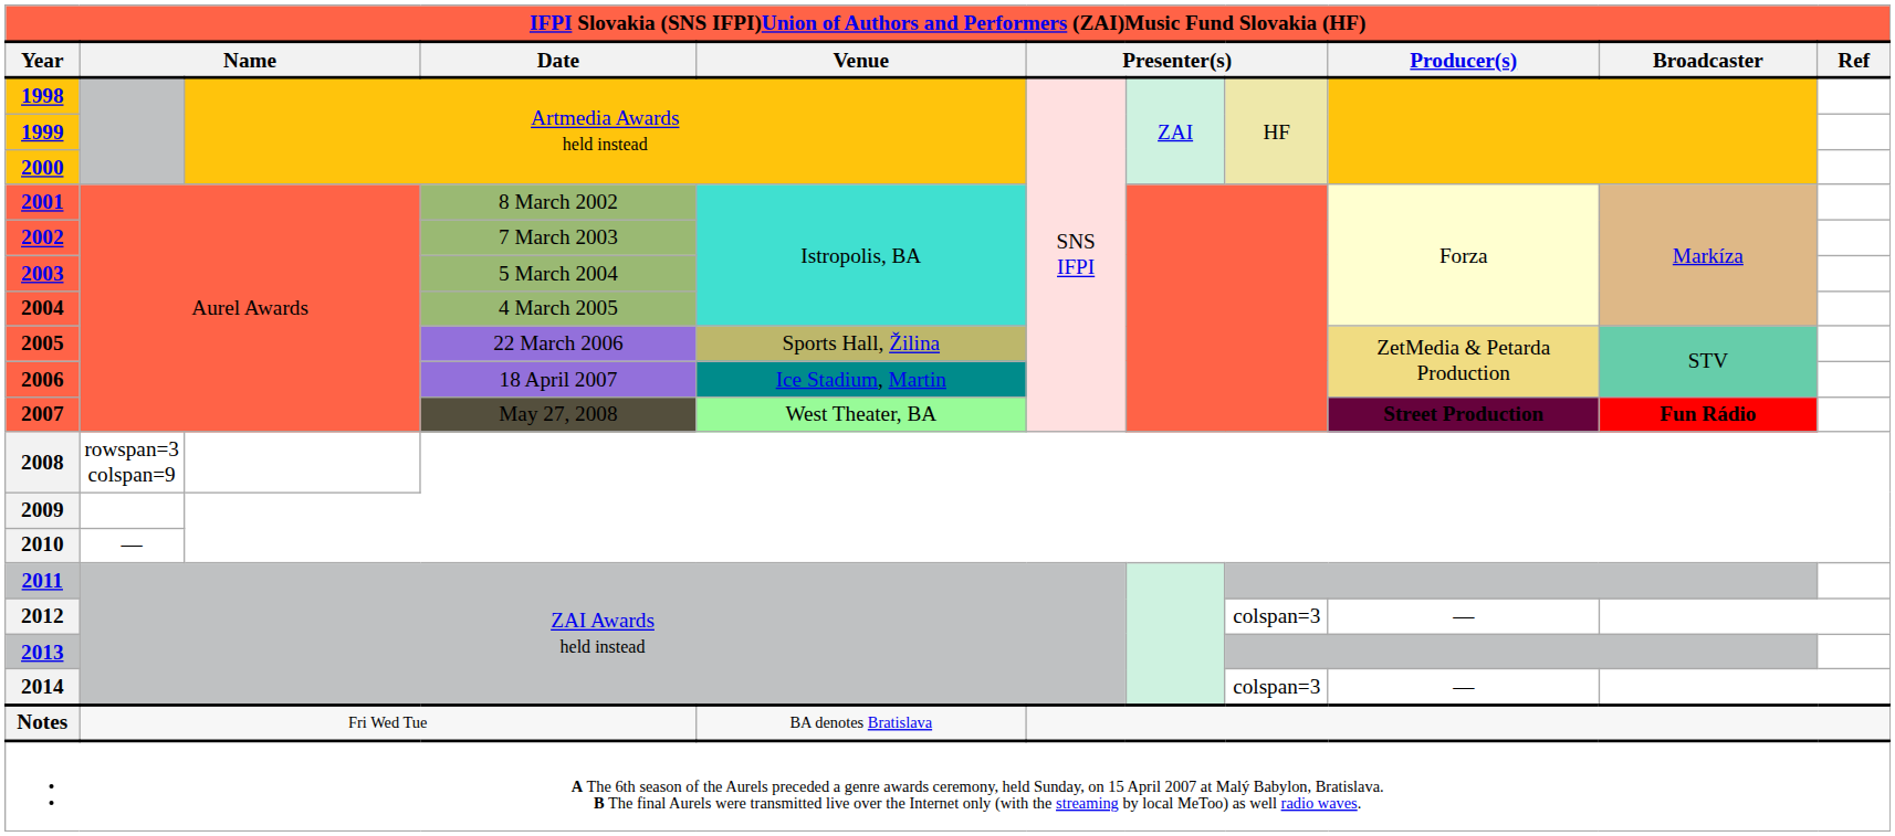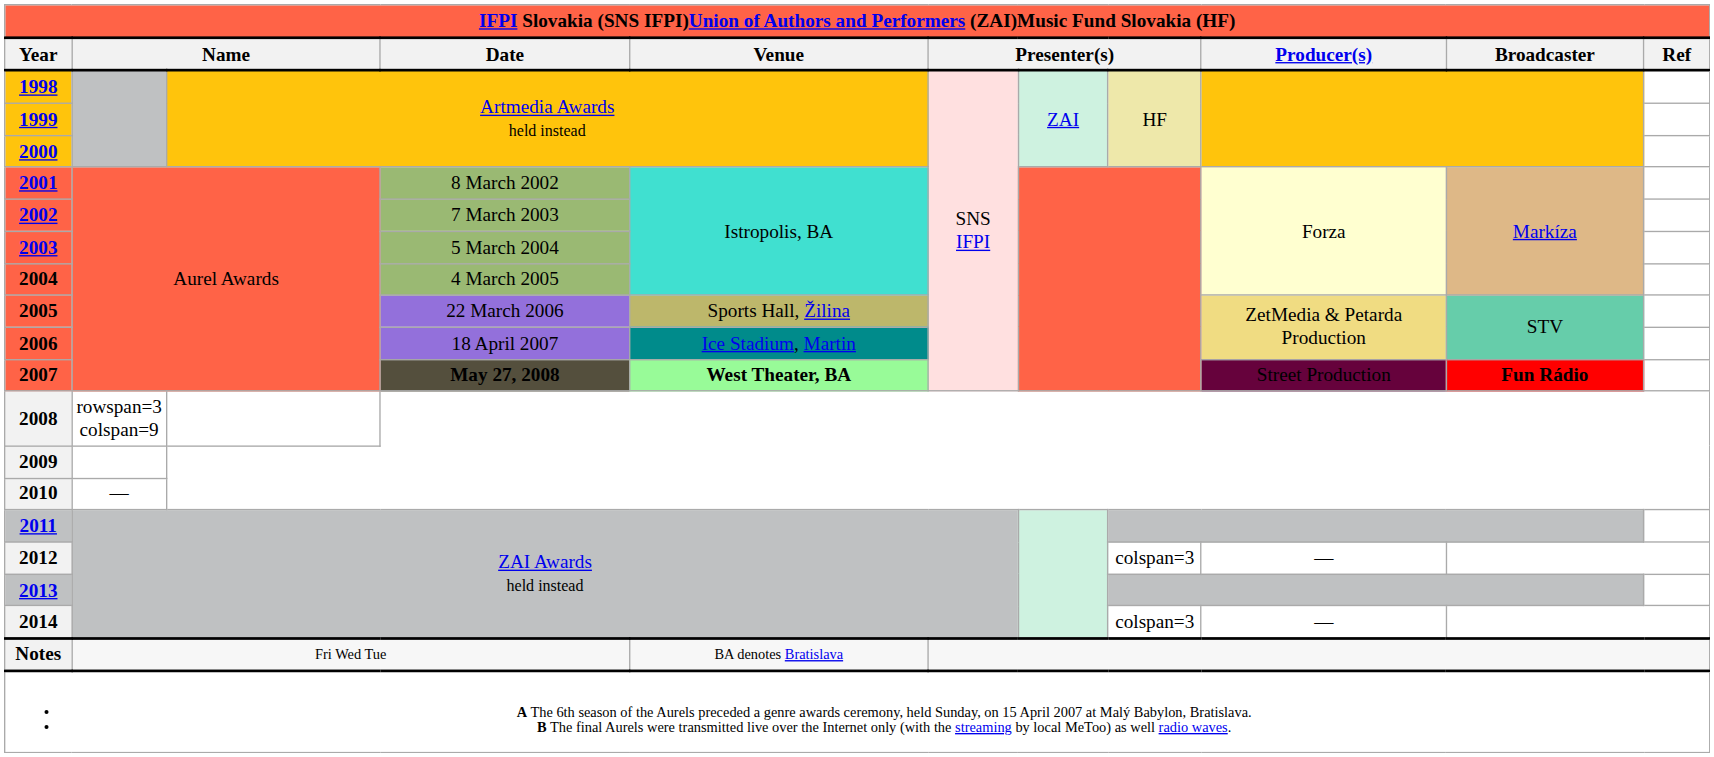 <table class="wikitable" style="background:white; text-align:center; width:100%; font-size:89%">
 <tr>
 <th colspan=11 width=100% style=background:TOMATO><a href='#'>IFPI</a> Slovakia (SNS IFPI)<a href='#'>Union of Authors and Performers</a> (ZAI)Music Fund Slovakia (HF)</th>
 </tr>
 <tr style="border-top:solid 2px; background:#FFF">
 <th width=4%>Year</th>
 <th colspan=2 width=14.5%>Name</th>
 <th width=15.5%>Date</th>
 <th width=18.5%>Venue</th>
 <th width=16.5% colspan=3>Presenter(s)</th>
 <th width=15%><a href='#'>Producer(s)</a></th>
 <th width=12%>Broadcaster</th>
 <th width=4%>Ref</th>
 </tr>
 <tr style="border-top:solid 2px; background:#FFFFFF">
 <th style=background:#FFC40C><a href='#'>1998</a></th>
 <td width=1%  bgcolor=BFC1C2 rowspan=3></td>
 <td colspan=3 rowspan=3 bgcolor=FFC40C><a href='#'>Artmedia Awards</a> <br><small>held instead</small></td>
 <td width=5.5% rowspan=10 bgcolor=FFE0E0>SNS <br><a href='#'>IFPI</a></td>
 <td width=5.5% rowspan=3 bgcolor=CEF2E0><a href='#'>ZAI</a></td>
 <td width=5.5% rowspan=3 bgcolor=EEE8AA>HF</td>
 <td colspan=2 rowspan=3 bgcolor=FFC40C></td>
 <td></td>
 </tr>
 <tr>
 <th style=background:#FFC40C><a href='#'>1999</a></th>
 <td></td>
 </tr>
 <tr>
 <th style=background:#FFC40C><a href='#'>2000</a></th>
 <td></td>
 </tr>
 <tr>
 <th style=background:TOMATO><a href='#'>2001</a></th>
 <td colspan=2 rowspan=7 bgcolor=TOMATO>Aurel Awards</td>
 <td bgcolor=9AB973>8 March 2002</td>
 <td rowspan=4 bgcolor=40E0D0>Istropolis, BA</td>
 <td rowspan=7 colspan=2 bgcolor=TOMATO></td>
 <td rowspan=4 bgcolor=FFFFD0>Forza</td>
 <td rowspan=4 bgcolor=DEB887><a href='#'>Markíza</a></td>
 <td></td>
 </tr>
 <tr>
 <th style=background:TOMATO><a href='#'>2002</a></th>
 <td bgcolor=9AB973>7 March 2003</td>
 <td></td>
 </tr>
 <tr>
 <th style=background:TOMATO><a href='#'>2003</a></th>
 <td bgcolor=9AB973>5 March 2004</td>
 <td></td>
 </tr>
 <tr>
 <th style=background:TOMATO>2004</th>
 <td bgcolor=9AB973>4 March 2005</td>
 <td></td>
 </tr>
 <tr>
 <th style=background:TOMATO>2005</th>
 <td bgcolor=9370DB>22 March 2006</td>
 <td bgcolor=BDB76B>Sports Hall, <a href='#'>Žilina</a></td>
 <td rowspan=2 bgcolor=F0DC82>ZetMedia & Petarda Production</td>
 <td rowspan=2 bgcolor=66CDAA>STV</td>
 <td></td>
 </tr>
 <tr>
 <th style=background:TOMATO>2006</th>
 <td bgcolor=9370DB>18 April 2007</td>
 <td bgcolor=008B8B><a href='#'>Ice Stadium</a>, <a href='#'>Martin</a></td>
 <td></td>
 </tr>
 <tr>
 <th style=background:TOMATO>2007</th>
-<td bgcolor=544F3D><span>May 27, 2008</span></td>
-<td bgcolor=98FB98>West Theater, BA</td>
-<td bgcolor=66023C><strong><span>Street Production</span></strong></td>
+<td bgcolor=544F3D><strong><span>May 27, 2008</span></strong></td>
+<td bgcolor=98FB98><strong>West Theater, BA</strong></td>
+<td bgcolor=66023C><span>Street Production</span></td>
 <td bgcolor=FF0000><strong>Fun Rádio</strong></td>
 <td></td>
 </tr>
 <tr>
 <th>2008</th>
 <td>rowspan=3 colspan=9 </td>
 <td></td>
 </tr>
 <tr>
 <th>2009</th>
 <td></td>
 </tr>
 <tr>
 <th>2010</th>
 <td>—</td>
 </tr>
 <tr>
 <th style=background:#BFC1C2><a href='#'>2011</a></th>
 <td colspan=5 rowspan=4 bgcolor=BFC1C2><a href='#'>ZAI Awards</a> <br><small>held instead</small></td>
 <td rowspan=4 bgcolor=CEF2E0></td>
 <td colspan=3 bgcolor=BFC1C2></td>
 <td></td>
 </tr>
 <tr>
 <th>2012</th>
 <td>colspan=3 </td>
 <td>—</td>
 </tr>
 <tr>
 <th style=background:#BFC1C2><a href='#'>2013</a></th>
 <td colspan=3 bgcolor=BFC1C2></td>
 <td></td>
 </tr>
 <tr>
 <th>2014</th>
 <td>colspan=3 </td>
 <td>—</td>
 </tr>
 <tr>
 </tr>
 <tr style="border-top:solid 2px; background:#FFF">
 <th width=4%>Notes</th>
 <td width=30% colspan=3 style="font-size:8pt; background:#F7F7F7"> Fri  Wed  Tue</td>
 <td width=18.5% style="font-size:8pt; background:#F7F7F7">BA denotes <a href='#'>Bratislava</a></td>
 <td width=47.5% colspan=6 style="font-size:8pt; background:#F7F7F7"></td>
 </tr>
 <tr style="border-top:solid 2px; background:#FFF">
 <td width=100% colspan=11 style="font-size:8pt; background:#FFFFFF"><br><ul><li><strong>A</strong>  The 6th season of the Aurels preceded a genre awards ceremony, held Sunday, on 15 April 2007 at Malý Babylon, Bratislava.</li><li><strong>B</strong>  The final Aurels were transmitted live over the Internet only (with the <a href='#'>streaming</a> by local MeToo) as well <a href='#'>radio waves</a>.</li></ul></td>
 </tr>
 </table>
